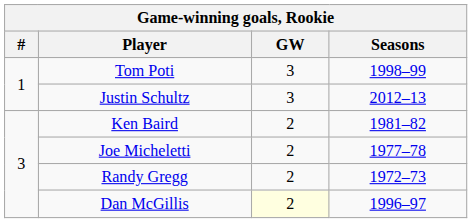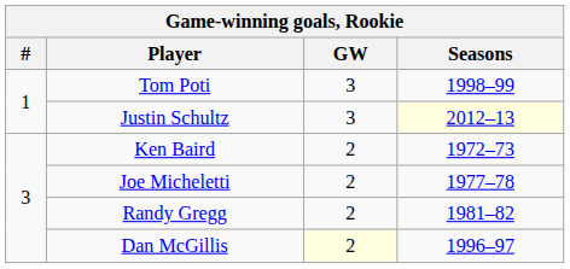 <table class="wikitable" style="text-align: center; font-size: 95%" width="70%">
 <tr>
 <th colspan="4">Game-winning goals, Rookie</th>
 </tr>
 <tr>
 <th>#</th>
 <th>Player</th>
 <th>GW</th>
 <th>Seasons</th>
 </tr>
 <tr>
 <td rowspan="2">1</td>
 <td><a href='#'>Tom Poti</a></td>
 <td>3</td>
 <td><a href='#'>1998–99</a></td>
 </tr>
 <tr>
 <td><a href='#'>Justin Schultz</a></td>
 <td>3</td>
-<td><a href='#'>2012–13</a></td>
+<td style="background: lightyellow;"><a href='#'>2012–13</a></td>
 </tr>
 <tr>
 <td rowspan="4">3</td>
 <td><a href='#'>Ken Baird</a></td>
 <td>2</td>
-<td><a href='#'>1981–82</a></td>
+<td><a href='#'>1972–73</a></td>
 </tr>
 <tr>
 <td><a href='#'>Joe Micheletti</a></td>
 <td>2</td>
 <td><a href='#'>1977–78</a></td>
 </tr>
 <tr>
 <td><a href='#'>Randy Gregg</a></td>
 <td>2</td>
-<td><a href='#'>1972–73</a></td>
+<td><a href='#'>1981–82</a></td>
 </tr>
 <tr>
 <td><a href='#'>Dan McGillis</a></td>
 <td style="background: lightyellow;">2</td>
 <td><a href='#'>1996–97</a></td>
 </tr>
 </table>
